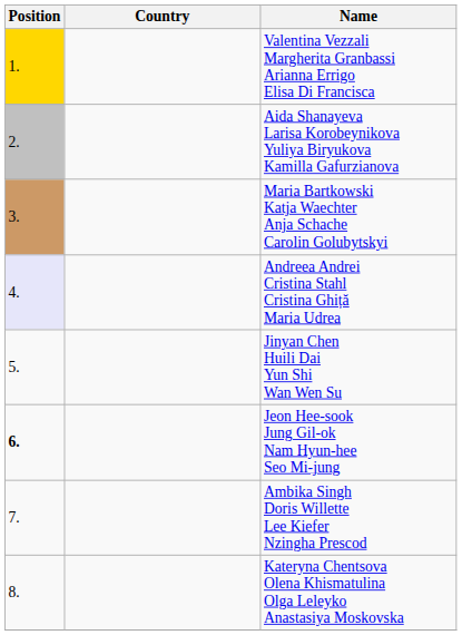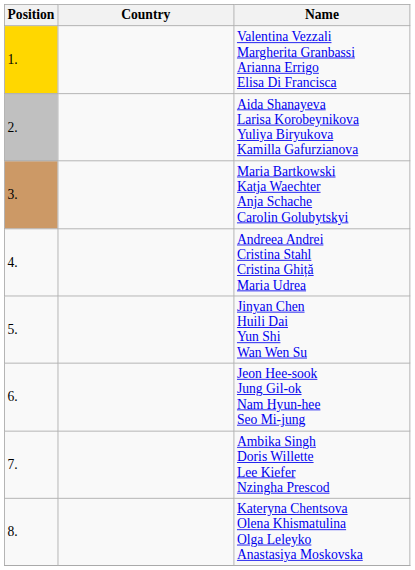 <table class="wikitable">
 <tr>
 <th width="10">Position</th>
 <th width="200">Country</th>
 <th width="200">Name</th>
 </tr>
 <tr>
 <td bgcolor="gold">1.</td>
 <td></td>
 <td><a href='#'>Valentina Vezzali</a> <br> <a href='#'>Margherita Granbassi</a> <br> <a href='#'>Arianna Errigo</a> <br> <a href='#'>Elisa Di Francisca</a></td>
 </tr>
 <tr>
 <td bgcolor="silver">2.</td>
 <td></td>
 <td><a href='#'>Aida Shanayeva</a> <br> <a href='#'>Larisa Korobeynikova</a> <br> <a href='#'>Yuliya Biryukova</a> <br> <a href='#'>Kamilla Gafurzianova</a></td>
 </tr>
 <tr>
 <td bgcolor="#CC9966">3.</td>
 <td></td>
 <td><a href='#'>Maria Bartkowski</a> <br> <a href='#'>Katja Waechter</a> <br> <a href='#'>Anja Schache</a> <br> <a href='#'>Carolin Golubytskyi</a></td>
 </tr>
 <tr>
-<td style="background: lavender;">4.</td>
+<td>4.</td>
 <td></td>
 <td><a href='#'>Andreea Andrei</a> <br> <a href='#'>Cristina Stahl</a> <br> <a href='#'>Cristina Ghiță</a> <br> <a href='#'>Maria Udrea</a></td>
 </tr>
 <tr>
 <td>5.</td>
 <td></td>
 <td><a href='#'>Jinyan Chen</a> <br> <a href='#'>Huili Dai</a> <br> <a href='#'>Yun Shi</a> <br> <a href='#'>Wan Wen Su</a></td>
 </tr>
 <tr>
-<td><strong>6.</strong></td>
+<td>6.</td>
 <td></td>
 <td><a href='#'>Jeon Hee-sook</a> <br> <a href='#'>Jung Gil-ok</a> <br> <a href='#'>Nam Hyun-hee</a> <br> <a href='#'>Seo Mi-jung</a></td>
 </tr>
 <tr>
 <td>7.</td>
 <td></td>
 <td><a href='#'>Ambika Singh</a> <br> <a href='#'>Doris Willette</a> <br> <a href='#'>Lee Kiefer</a> <br> <a href='#'>Nzingha Prescod</a></td>
 </tr>
 <tr>
 <td>8.</td>
 <td></td>
 <td><a href='#'>Kateryna Chentsova</a> <br> <a href='#'>Olena Khismatulina</a> <br> <a href='#'>Olga Leleyko</a> <br> <a href='#'>Anastasiya Moskovska</a></td>
 </tr>
 <tr>
 </tr>
 </table>
